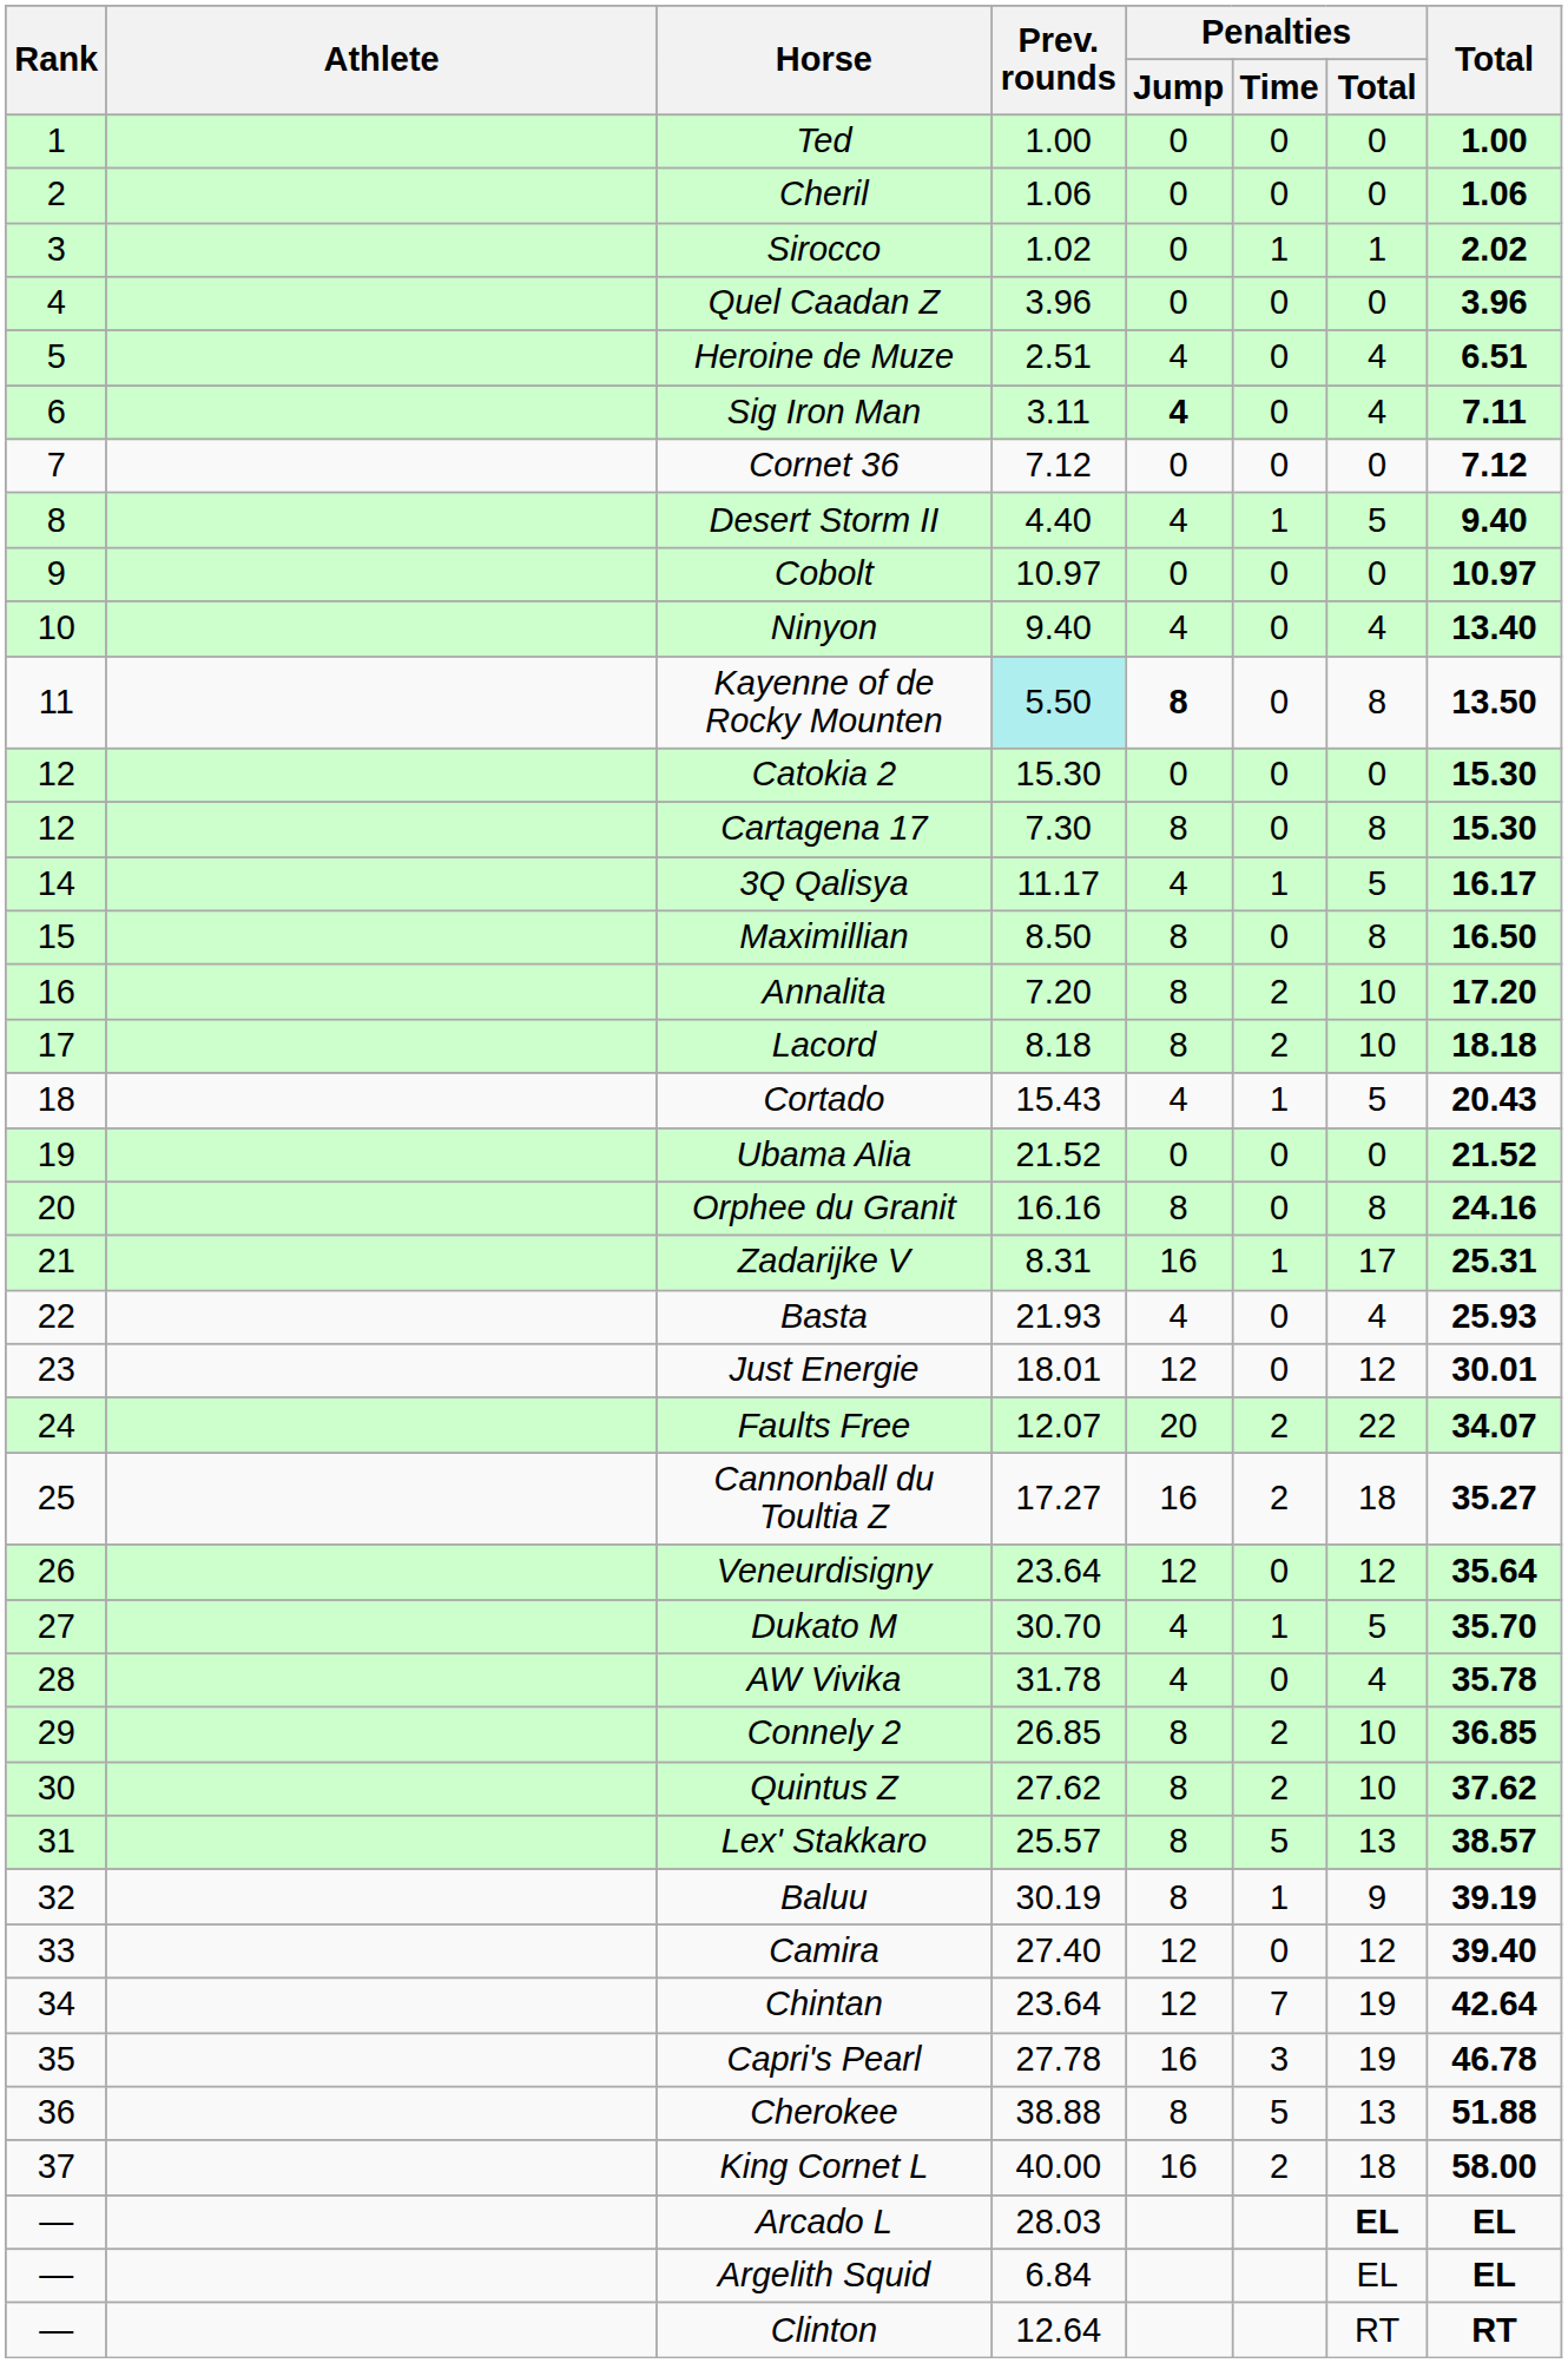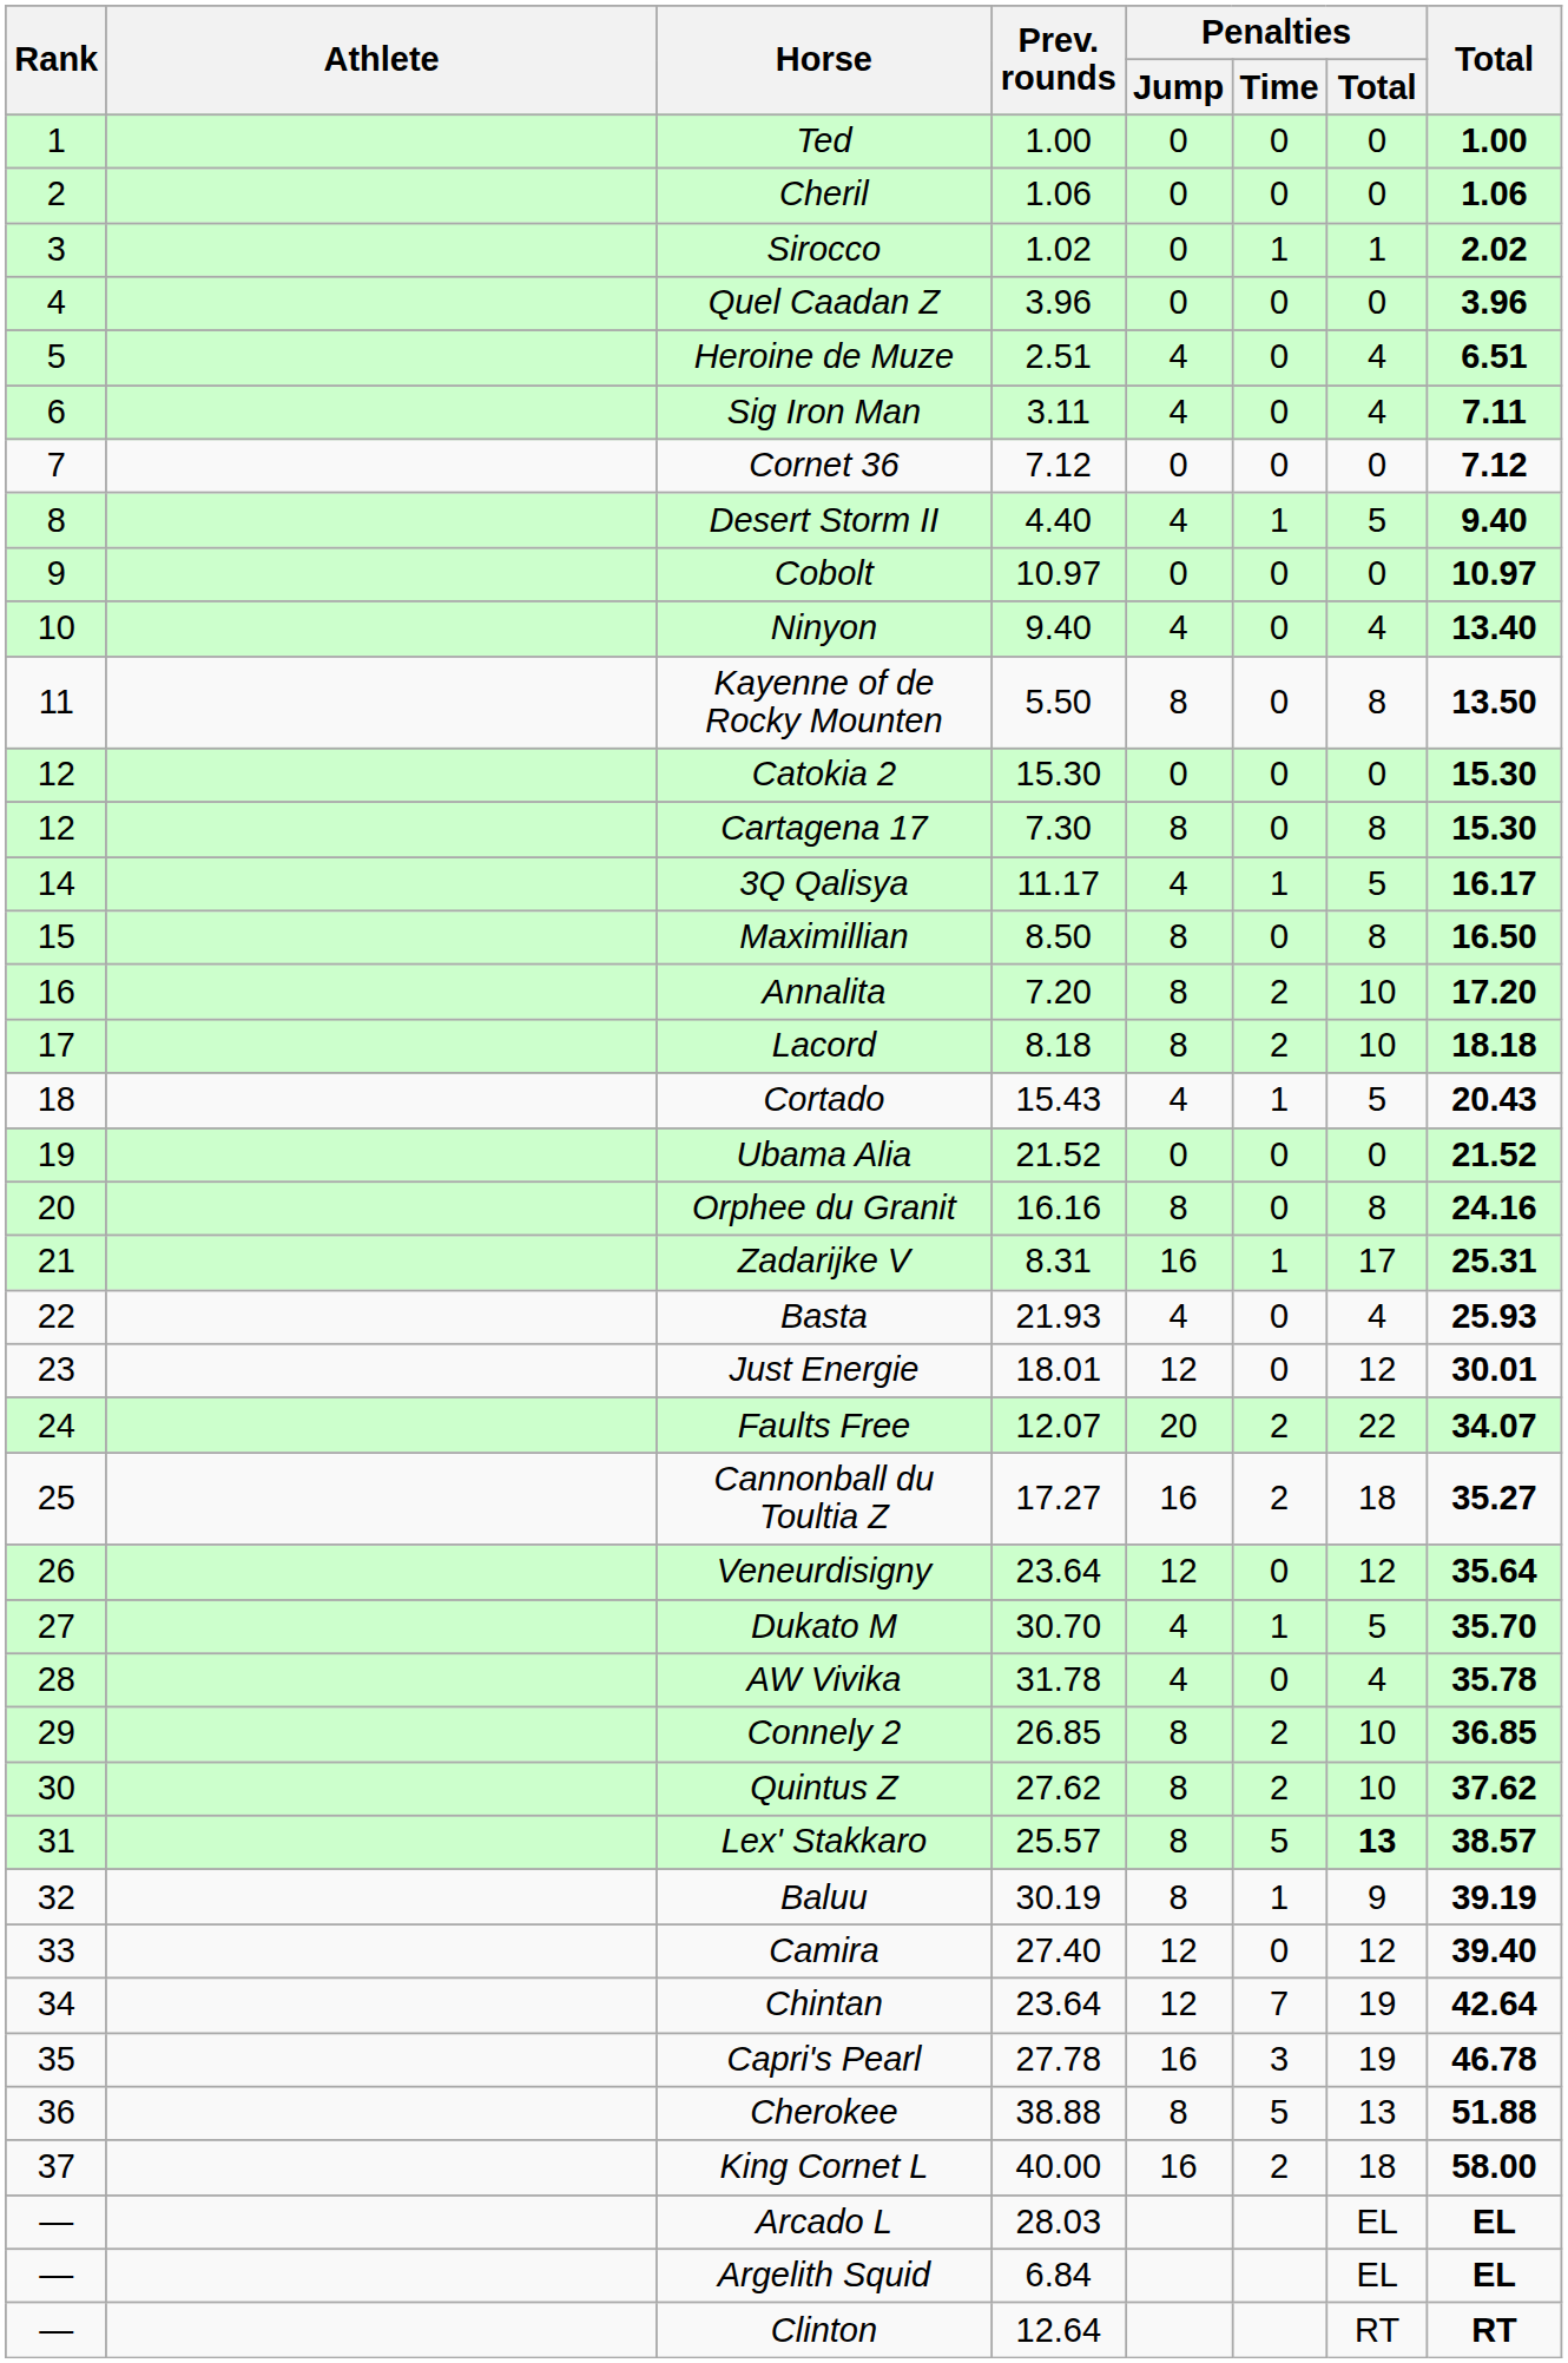 <table class="wikitable" style="text-align:center">
 <tr>
 <th rowspan=2 width=40>Rank</th>
 <th rowspan=2 width=250>Athlete</th>
 <th rowspan=2 width=150>Horse</th>
 <th rowspan=2 width=55>Prev. rounds</th>
 <th colspan=3>Penalties</th>
 <th rowspan=2 width=55>Total</th>
 </tr>
 <tr>
 <th width=35>Jump</th>
 <th width=35>Time</th>
 <th width=40>Total</th>
 </tr>
 <tr bgcolor="ccffcc">
 <td>1</td>
 <td align=left></td>
 <td><em>Ted</em></td>
 <td>1.00</td>
 <td>0</td>
 <td>0</td>
 <td>0</td>
 <td><strong>1.00</strong></td>
 </tr>
 <tr bgcolor="ccffcc">
 <td>2</td>
 <td align=left></td>
 <td><em>Cheril</em></td>
 <td>1.06</td>
 <td>0</td>
 <td>0</td>
 <td>0</td>
 <td><strong>1.06</strong></td>
 </tr>
 <tr bgcolor="ccffcc">
 <td>3</td>
 <td align=left></td>
 <td><em>Sirocco</em></td>
 <td>1.02</td>
 <td>0</td>
 <td>1</td>
 <td>1</td>
 <td><strong>2.02</strong></td>
 </tr>
 <tr bgcolor="ccffcc">
 <td>4</td>
 <td align=left></td>
 <td><em>Quel Caadan Z</em></td>
 <td>3.96</td>
 <td>0</td>
 <td>0</td>
 <td>0</td>
 <td><strong>3.96</strong></td>
 </tr>
 <tr bgcolor="ccffcc">
 <td>5</td>
 <td align=left></td>
 <td><em>Heroine de Muze</em></td>
 <td>2.51</td>
 <td>4</td>
 <td>0</td>
 <td>4</td>
 <td><strong>6.51</strong></td>
 </tr>
 <tr bgcolor="ccffcc">
 <td>6</td>
 <td align=left></td>
 <td><em>Sig Iron Man</em></td>
 <td>3.11</td>
-<td><strong>4</strong></td>
+<td>4</td>
 <td>0</td>
 <td>4</td>
 <td><strong>7.11</strong></td>
 </tr>
 <tr>
 <td>7</td>
 <td align=left></td>
 <td><em>Cornet 36</em></td>
 <td>7.12</td>
 <td>0</td>
 <td>0</td>
 <td>0</td>
 <td><strong>7.12</strong></td>
 </tr>
 <tr bgcolor="ccffcc">
 <td>8</td>
 <td align=left></td>
 <td><em>Desert Storm II</em></td>
 <td>4.40</td>
 <td>4</td>
 <td>1</td>
 <td>5</td>
 <td><strong>9.40</strong></td>
 </tr>
 <tr bgcolor="ccffcc">
 <td>9</td>
 <td align=left></td>
 <td><em>Cobolt</em></td>
 <td>10.97</td>
 <td>0</td>
 <td>0</td>
 <td>0</td>
 <td><strong>10.97</strong></td>
 </tr>
 <tr bgcolor="ccffcc">
 <td>10</td>
 <td align=left></td>
 <td><em>Ninyon</em></td>
 <td>9.40</td>
 <td>4</td>
 <td>0</td>
 <td>4</td>
 <td><strong>13.40</strong></td>
 </tr>
 <tr>
 <td>11</td>
 <td align=left></td>
 <td><em>Kayenne of de Rocky Mounten</em></td>
-<td style="background: paleturquoise;">5.50</td>
-<td><strong>8</strong></td>
+<td>5.50</td>
+<td>8</td>
 <td>0</td>
 <td>8</td>
 <td><strong>13.50</strong></td>
 </tr>
 <tr bgcolor="ccffcc">
 <td>12</td>
 <td align=left></td>
 <td><em>Catokia 2</em></td>
 <td>15.30</td>
 <td>0</td>
 <td>0</td>
 <td>0</td>
 <td><strong>15.30</strong></td>
 </tr>
 <tr bgcolor="ccffcc">
 <td>12</td>
 <td align=left></td>
 <td><em>Cartagena 17</em></td>
 <td>7.30</td>
 <td>8</td>
 <td>0</td>
 <td>8</td>
 <td><strong>15.30</strong></td>
 </tr>
 <tr bgcolor="ccffcc">
 <td>14</td>
 <td align=left></td>
 <td><em>3Q Qalisya</em></td>
 <td>11.17</td>
 <td>4</td>
 <td>1</td>
 <td>5</td>
 <td><strong>16.17</strong></td>
 </tr>
 <tr bgcolor="ccffcc">
 <td>15</td>
 <td align=left></td>
 <td><em>Maximillian</em></td>
 <td>8.50</td>
 <td>8</td>
 <td>0</td>
 <td>8</td>
 <td><strong>16.50</strong></td>
 </tr>
 <tr bgcolor="ccffcc">
 <td>16</td>
 <td align=left></td>
 <td><em>Annalita</em></td>
 <td>7.20</td>
 <td>8</td>
 <td>2</td>
 <td>10</td>
 <td><strong>17.20</strong></td>
 </tr>
 <tr bgcolor="ccffcc">
 <td>17</td>
 <td align=left></td>
 <td><em>Lacord</em></td>
 <td>8.18</td>
 <td>8</td>
 <td>2</td>
 <td>10</td>
 <td><strong>18.18</strong></td>
 </tr>
 <tr>
 <td>18</td>
 <td align=left></td>
 <td><em>Cortado</em></td>
 <td>15.43</td>
 <td>4</td>
 <td>1</td>
 <td>5</td>
 <td><strong>20.43</strong></td>
 </tr>
 <tr bgcolor="ccffcc">
 <td>19</td>
 <td align=left></td>
 <td><em>Ubama Alia</em></td>
 <td>21.52</td>
 <td>0</td>
 <td>0</td>
 <td>0</td>
 <td><strong>21.52</strong></td>
 </tr>
 <tr bgcolor="ccffcc">
 <td>20</td>
 <td align=left></td>
 <td><em>Orphee du Granit</em></td>
 <td>16.16</td>
 <td>8</td>
 <td>0</td>
 <td>8</td>
 <td><strong>24.16</strong></td>
 </tr>
 <tr bgcolor="ccffcc">
 <td>21 </td>
 <td align=left></td>
 <td><em>Zadarijke V</em></td>
 <td>8.31</td>
 <td>16</td>
 <td>1</td>
 <td>17</td>
 <td><strong>25.31</strong></td>
 </tr>
 <tr>
 <td>22</td>
 <td align=left></td>
 <td><em>Basta</em></td>
 <td>21.93</td>
 <td>4</td>
 <td>0</td>
 <td>4</td>
 <td><strong>25.93</strong></td>
 </tr>
 <tr>
 <td>23 </td>
 <td align=left></td>
 <td><em>Just Energie</em></td>
 <td>18.01</td>
 <td>12</td>
 <td>0</td>
 <td>12</td>
 <td><strong>30.01</strong></td>
 </tr>
 <tr bgcolor="ccffcc">
 <td>24</td>
 <td align=left></td>
 <td><em>Faults Free</em></td>
 <td>12.07</td>
 <td>20</td>
 <td>2</td>
 <td>22</td>
 <td><strong>34.07</strong></td>
 </tr>
 <tr>
 <td>25</td>
 <td align=left></td>
 <td><em>Cannonball du Toultia Z</em></td>
 <td>17.27</td>
 <td>16</td>
 <td>2</td>
 <td>18</td>
 <td><strong>35.27</strong></td>
 </tr>
 <tr bgcolor="ccffcc">
 <td>26</td>
 <td align=left></td>
 <td><em>Veneurdisigny</em></td>
 <td>23.64</td>
 <td>12</td>
 <td>0</td>
 <td>12</td>
 <td><strong>35.64</strong></td>
 </tr>
 <tr bgcolor="ccffcc">
 <td>27</td>
 <td align=left></td>
 <td><em>Dukato M</em></td>
 <td>30.70</td>
 <td>4</td>
 <td>1</td>
 <td>5</td>
 <td><strong>35.70</strong></td>
 </tr>
 <tr bgcolor="ccffcc">
 <td>28</td>
 <td align=left></td>
 <td><em>AW Vivika</em></td>
 <td>31.78</td>
 <td>4</td>
 <td>0</td>
 <td>4</td>
 <td><strong>35.78</strong></td>
 </tr>
 <tr bgcolor="ccffcc">
 <td>29</td>
 <td align=left></td>
 <td><em>Connely 2</em></td>
 <td>26.85</td>
 <td>8</td>
 <td>2</td>
 <td>10</td>
 <td><strong>36.85</strong></td>
 </tr>
 <tr bgcolor="ccffcc">
 <td>30</td>
 <td align=left></td>
 <td><em>Quintus Z</em></td>
 <td>27.62</td>
 <td>8</td>
 <td>2</td>
 <td>10</td>
 <td><strong>37.62</strong></td>
 </tr>
 <tr bgcolor="ccffcc">
 <td>31</td>
 <td align=left></td>
 <td><em>Lex' Stakkaro</em></td>
 <td>25.57</td>
 <td>8</td>
 <td>5</td>
-<td>13</td>
+<td><strong>13</strong></td>
 <td><strong>38.57</strong></td>
 </tr>
 <tr>
 <td>32</td>
 <td align=left></td>
 <td><em>Baluu</em></td>
 <td>30.19</td>
 <td>8</td>
 <td>1</td>
 <td>9</td>
 <td><strong>39.19</strong></td>
 </tr>
 <tr>
 <td>33</td>
 <td align=left></td>
 <td><em>Camira</em></td>
 <td>27.40</td>
 <td>12</td>
 <td>0</td>
 <td>12</td>
 <td><strong>39.40</strong></td>
 </tr>
 <tr>
 <td>34</td>
 <td align=left></td>
 <td><em>Chintan</em></td>
 <td>23.64</td>
 <td>12</td>
 <td>7</td>
 <td>19</td>
 <td><strong>42.64</strong></td>
 </tr>
 <tr>
 <td>35</td>
 <td align=left></td>
 <td><em>Capri's Pearl</em></td>
 <td>27.78</td>
 <td>16</td>
 <td>3</td>
 <td>19</td>
 <td><strong>46.78</strong></td>
 </tr>
 <tr>
 <td>36</td>
 <td align=left></td>
 <td><em>Cherokee</em></td>
 <td>38.88</td>
 <td>8</td>
 <td>5</td>
 <td>13</td>
 <td><strong>51.88</strong></td>
 </tr>
 <tr>
 <td>37</td>
 <td align=left></td>
 <td><em>King Cornet L</em></td>
 <td>40.00</td>
 <td>16</td>
 <td>2</td>
 <td>18</td>
 <td><strong>58.00</strong></td>
 </tr>
 <tr>
 <td>—</td>
 <td align=left></td>
 <td><em>Arcado L</em></td>
 <td>28.03</td>
 <td></td>
 <td></td>
-<td><strong>EL</strong></td>
+<td>EL</td>
 <td><strong>EL</strong></td>
 </tr>
 <tr>
 <td>—</td>
 <td align=left></td>
 <td><em>Argelith Squid</em></td>
 <td>6.84</td>
 <td></td>
 <td></td>
 <td>EL</td>
 <td><strong>EL</strong></td>
 </tr>
 <tr>
 <td>—</td>
 <td align=left></td>
 <td><em>Clinton</em></td>
 <td>12.64</td>
 <td></td>
 <td></td>
 <td>RT</td>
 <td><strong>RT</strong></td>
 </tr>
 </table>
